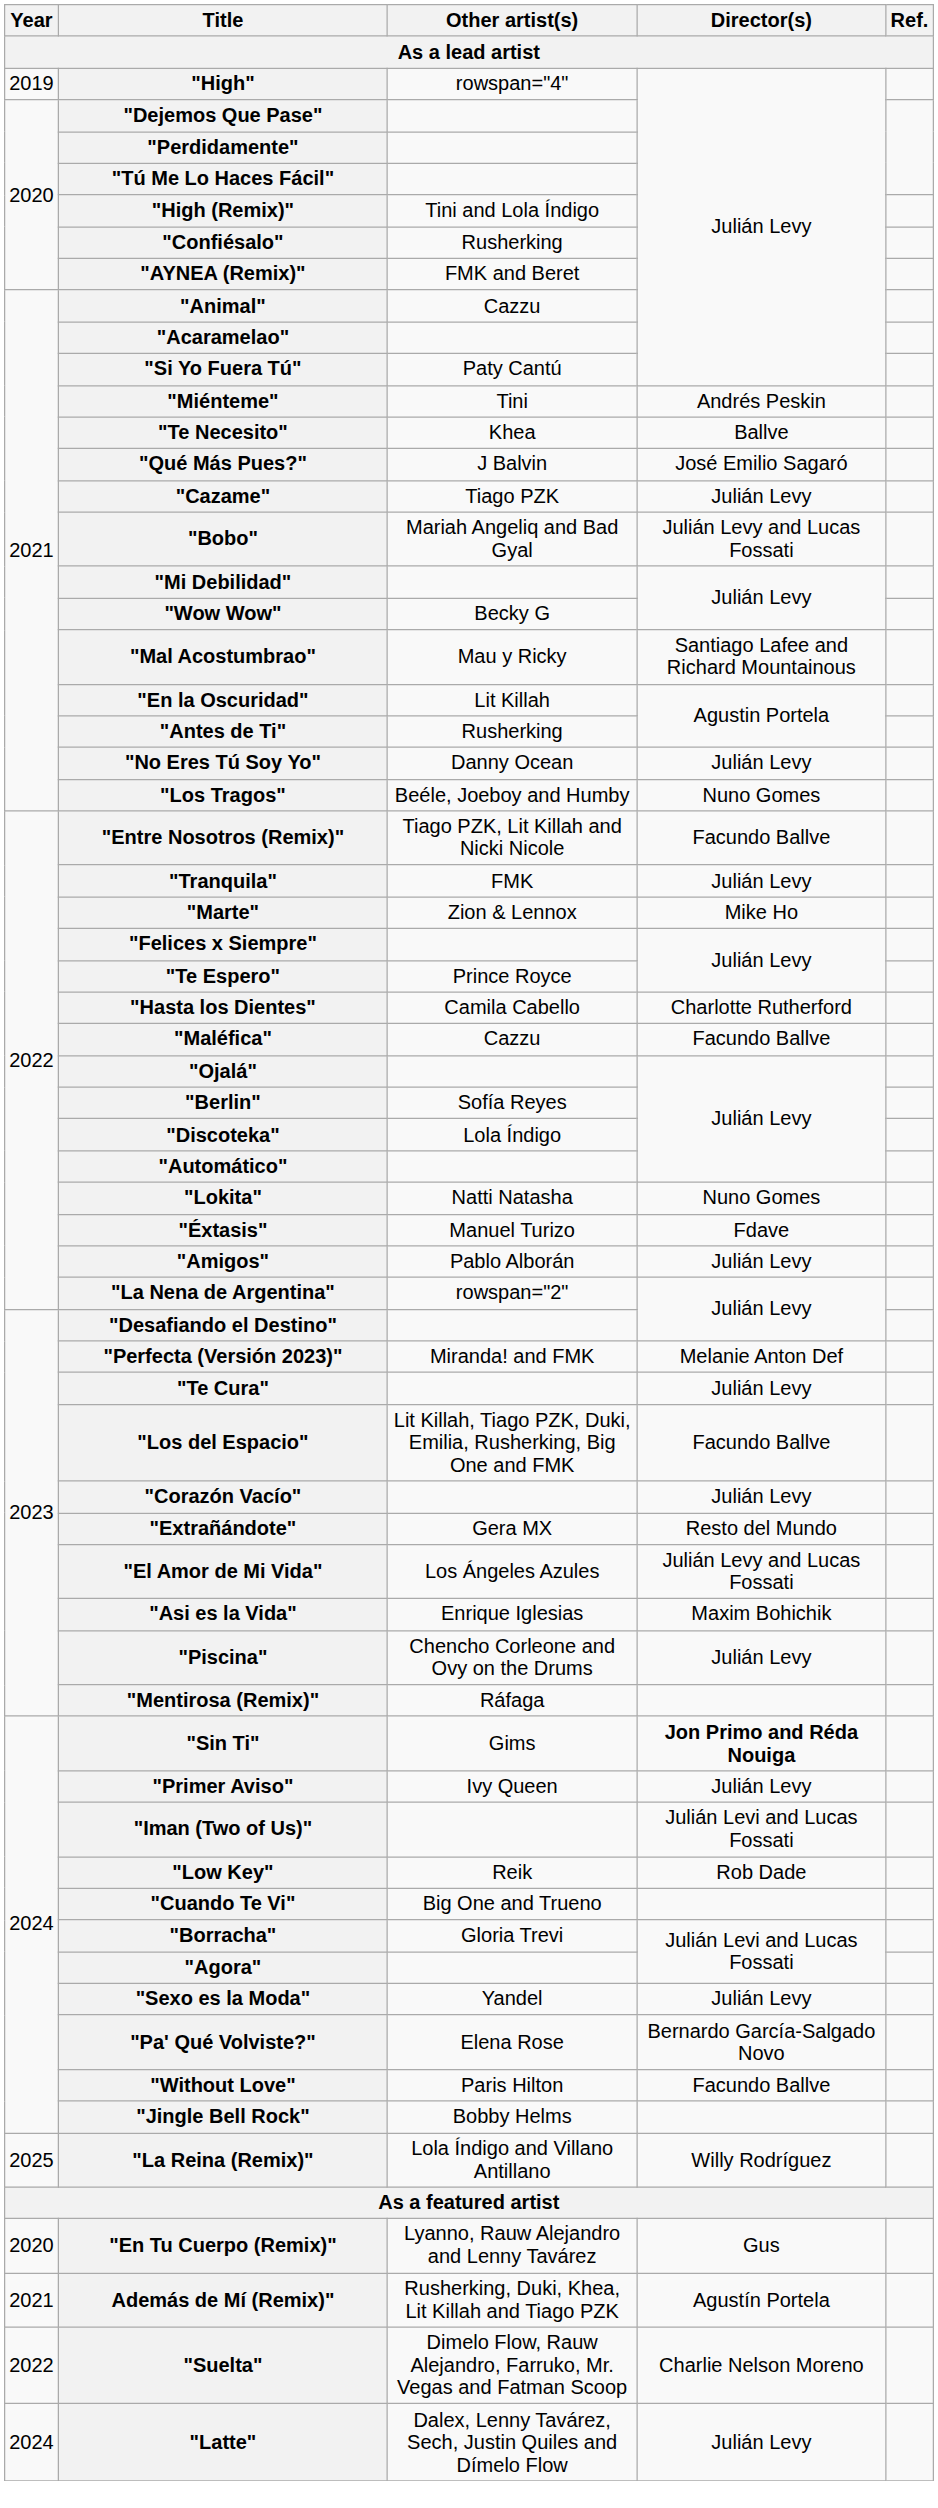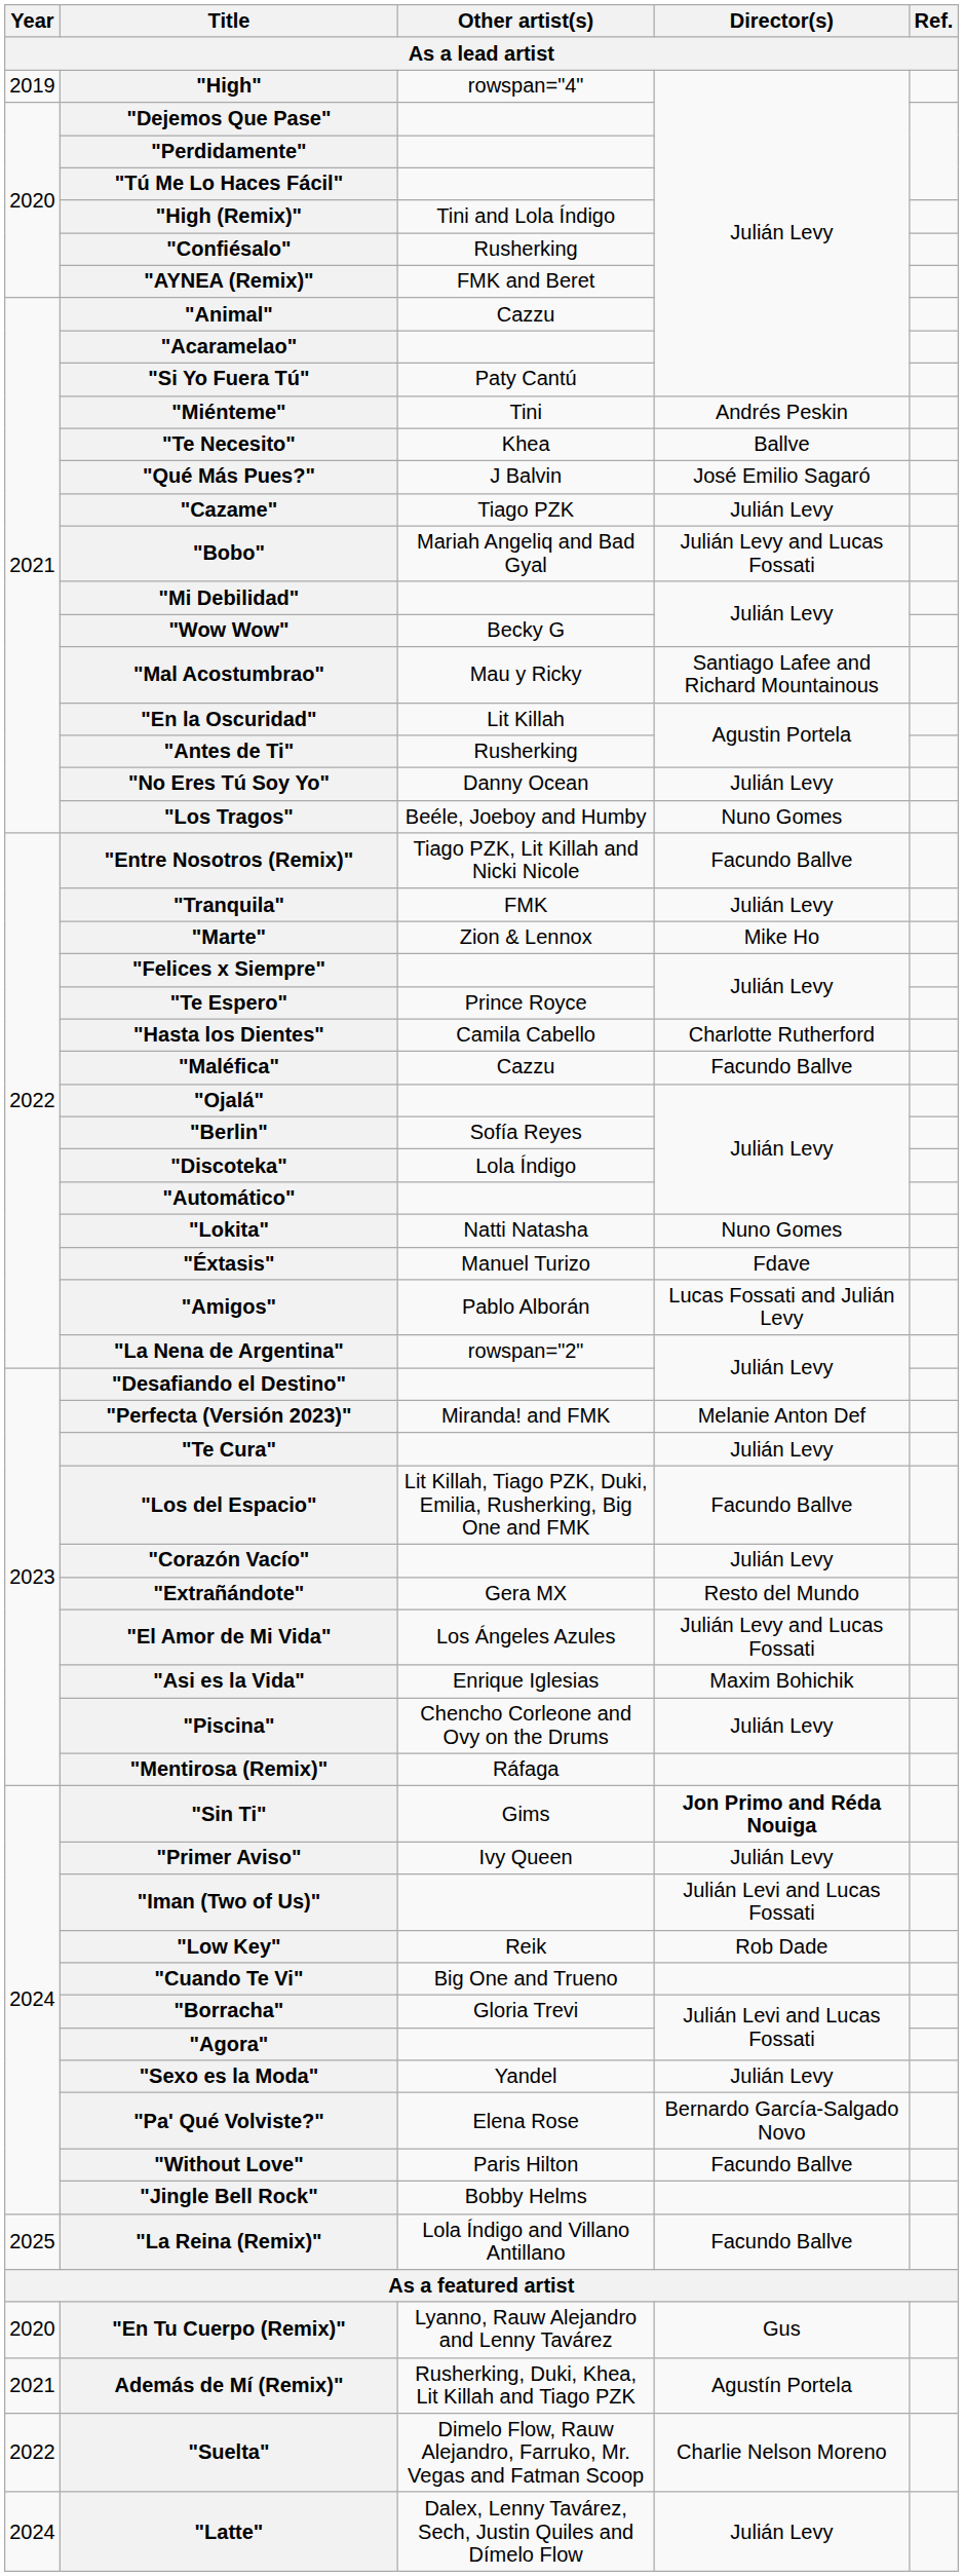 <table class="wikitable plainrowheaders" style="text-align:center;">
 <tr>
 <th scope="col">Year</th>
 <th scope="col" style="width:16em;">Title</th>
 <th scope="col" style="width:12em;">Other artist(s)</th>
 <th scope="col" style="width:12em;">Director(s)</th>
 <th scope="col">Ref.</th>
 </tr>
 <tr>
 <th scope="col" colspan="5">As a lead artist</th>
 </tr>
 <tr>
 <td>2019</td>
 <th scope="row">"High"</th>
 <td>rowspan="4" </td>
 <td rowspan="10">Julián Levy</td>
 <td></td>
 </tr>
 <tr>
 <td rowspan="6">2020</td>
 <th scope="row">"Dejemos Que Pase"</th>
 <td></td>
 </tr>
 <tr>
 <th scope="row">"Perdidamente"</th>
 <td></td>
 </tr>
 <tr>
 <th scope="row">"Tú Me Lo Haces Fácil"</th>
 <td></td>
 </tr>
 <tr>
 <th scope="row">"High (Remix)"</th>
 <td>Tini and Lola Índigo</td>
 <td></td>
 </tr>
 <tr>
 <th scope="row">"Confiésalo"</th>
 <td>Rusherking</td>
 <td></td>
 </tr>
 <tr>
 <th scope="row">"AYNEA (Remix)"</th>
 <td>FMK and Beret</td>
 <td></td>
 </tr>
 <tr>
 <td rowspan="15">2021</td>
 <th scope="row">"Animal"</th>
 <td>Cazzu</td>
 <td></td>
 </tr>
 <tr>
 <th scope="row">"Acaramelao"</th>
 <td></td>
 <td></td>
 </tr>
 <tr>
 <th scope="row">"Si Yo Fuera Tú"</th>
 <td>Paty Cantú</td>
 <td></td>
 </tr>
 <tr>
 <th scope="row">"Miénteme"</th>
 <td>Tini</td>
 <td>Andrés Peskin</td>
 <td></td>
 </tr>
 <tr>
 <th scope="row">"Te Necesito"</th>
 <td>Khea</td>
 <td>Ballve</td>
 <td></td>
 </tr>
 <tr>
 <th scope="row">"Qué Más Pues?"</th>
 <td>J Balvin</td>
 <td>José Emilio Sagaró</td>
 <td></td>
 </tr>
 <tr>
 <th scope="row">"Cazame"</th>
 <td>Tiago PZK</td>
 <td>Julián Levy</td>
 <td></td>
 </tr>
 <tr>
 <th scope="row">"Bobo"</th>
 <td>Mariah Angeliq and Bad Gyal</td>
 <td>Julián Levy and Lucas Fossati</td>
 <td></td>
 </tr>
 <tr>
 <th scope="row">"Mi Debilidad"</th>
 <td></td>
 <td rowspan="2">Julián Levy</td>
 <td></td>
 </tr>
 <tr>
 <th scope="row">"Wow Wow"</th>
 <td>Becky G</td>
 <td></td>
 </tr>
 <tr>
 <th scope="row">"Mal Acostumbrao"</th>
 <td>Mau y Ricky</td>
 <td>Santiago Lafee and Richard Mountainous</td>
 <td></td>
 </tr>
 <tr>
 <th scope="row">"En la Oscuridad"</th>
 <td>Lit Killah</td>
 <td rowspan="2">Agustin Portela</td>
 <td></td>
 </tr>
 <tr>
 <th scope="row">"Antes de Ti"</th>
 <td>Rusherking</td>
 <td></td>
 </tr>
 <tr>
 <th scope="row">"No Eres Tú Soy Yo"</th>
 <td>Danny Ocean</td>
 <td>Julián Levy</td>
 <td></td>
 </tr>
 <tr>
 <th scope="row">"Los Tragos"</th>
 <td>Beéle, Joeboy and Humby</td>
 <td>Nuno Gomes</td>
 <td></td>
 </tr>
 <tr>
 <td rowspan="15">2022</td>
 <th scope="row">"Entre Nosotros (Remix)"</th>
 <td>Tiago PZK, Lit Killah and Nicki Nicole</td>
 <td>Facundo Ballve</td>
 <td></td>
 </tr>
 <tr>
 <th scope="row">"Tranquila"</th>
 <td>FMK</td>
 <td>Julián Levy</td>
 <td></td>
 </tr>
 <tr>
 <th scope="row">"Marte"</th>
 <td>Zion & Lennox</td>
 <td>Mike Ho</td>
 <td></td>
 </tr>
 <tr>
 <th scope="row">"Felices x Siempre"</th>
 <td></td>
 <td rowspan="2">Julián Levy</td>
 <td></td>
 </tr>
 <tr>
 <th scope="row">"Te Espero"</th>
 <td>Prince Royce</td>
 <td></td>
 </tr>
 <tr>
 <th scope="row">"Hasta los Dientes"</th>
 <td>Camila Cabello</td>
 <td>Charlotte Rutherford</td>
 <td></td>
 </tr>
 <tr>
 <th scope="row">"Maléfica"</th>
 <td>Cazzu</td>
 <td>Facundo Ballve</td>
 <td></td>
 </tr>
 <tr>
 <th scope="row">"Ojalá"</th>
 <td></td>
 <td rowspan="4">Julián Levy</td>
 <td></td>
 </tr>
 <tr>
 <th scope="row">"Berlin"</th>
 <td>Sofía Reyes</td>
 <td></td>
 </tr>
 <tr>
 <th scope="row">"Discoteka"</th>
 <td>Lola Índigo</td>
 <td></td>
 </tr>
 <tr>
 <th scope="row">"Automático"</th>
 <td></td>
 <td></td>
 </tr>
 <tr>
 <th scope="row">"Lokita"</th>
 <td>Natti Natasha</td>
 <td>Nuno Gomes</td>
 <td></td>
 </tr>
 <tr>
 <th scope="row">"Éxtasis"</th>
 <td>Manuel Turizo</td>
 <td>Fdave</td>
 <td></td>
 </tr>
 <tr>
 <th scope="row">"Amigos"</th>
 <td>Pablo Alborán</td>
-<td>Julián Levy</td>
+<td>Lucas Fossati and Julián Levy</td>
 <td></td>
 </tr>
 <tr>
 <th scope="row">"La Nena de Argentina"</th>
 <td>rowspan="2" </td>
 <td rowspan="2">Julián Levy</td>
 <td></td>
 </tr>
 <tr>
 <td rowspan="10">2023</td>
 <th scope="row">"Desafiando el Destino"</th>
 <td></td>
 </tr>
 <tr>
 <th scope="row">"Perfecta (Versión 2023)"</th>
 <td>Miranda! and FMK</td>
 <td>Melanie Anton Def</td>
 <td></td>
 </tr>
 <tr>
 <th scope="row">"Te Cura"</th>
 <td></td>
 <td>Julián Levy</td>
 <td></td>
 </tr>
 <tr>
 <th scope="row">"Los del Espacio"</th>
 <td>Lit Killah, Tiago PZK, Duki, Emilia, Rusherking, Big One and FMK</td>
 <td>Facundo Ballve</td>
 <td></td>
 </tr>
 <tr>
 <th scope="row">"Corazón Vacío"</th>
 <td></td>
 <td>Julián Levy</td>
 <td></td>
 </tr>
 <tr>
 <th scope="row">"Extrañándote"</th>
 <td>Gera MX</td>
 <td>Resto del Mundo</td>
 <td></td>
 </tr>
 <tr>
 <th scope="row">"El Amor de Mi Vida"</th>
 <td>Los Ángeles Azules</td>
 <td>Julián Levy and Lucas Fossati</td>
 <td></td>
 </tr>
 <tr>
 <th scope="row">"Asi es la Vida"</th>
 <td>Enrique Iglesias</td>
 <td>Maxim Bohichik</td>
 <td></td>
 </tr>
 <tr>
 <th scope="row">"Piscina"</th>
 <td>Chencho Corleone and Ovy on the Drums</td>
 <td>Julián Levy</td>
 <td></td>
 </tr>
 <tr>
 <th scope="row">"Mentirosa (Remix)"</th>
 <td>Ráfaga</td>
 <td></td>
 <td></td>
 </tr>
 <tr>
 <td rowspan="11">2024</td>
 <th scope="row">"Sin Ti"</th>
 <td>Gims</td>
 <td><strong>Jon Primo and Réda Nouiga</strong></td>
 <td></td>
 </tr>
 <tr>
 <th scope="row">"Primer Aviso"</th>
 <td>Ivy Queen</td>
 <td>Julián Levy</td>
 <td></td>
 </tr>
 <tr>
 <th scope="row">"Iman (Two of Us)"</th>
 <td></td>
 <td>Julián Levi and Lucas Fossati</td>
 <td></td>
 </tr>
 <tr>
 <th scope="row">"Low Key"</th>
 <td>Reik</td>
 <td>Rob Dade</td>
 <td></td>
 </tr>
 <tr>
 <th scope="row">"Cuando Te Vi"</th>
 <td>Big One and Trueno</td>
 <td></td>
 <td></td>
 </tr>
 <tr>
 <th scope="row">"Borracha"</th>
 <td>Gloria Trevi</td>
 <td rowspan="2">Julián Levi and Lucas Fossati</td>
 <td></td>
 </tr>
 <tr>
 <th scope="row">"Agora"</th>
 <td></td>
 <td></td>
 </tr>
 <tr>
 <th scope="row">"Sexo es la Moda"</th>
 <td>Yandel</td>
 <td>Julián Levy</td>
 <td></td>
 </tr>
 <tr>
 <th scope="row">"Pa' Qué Volviste?"</th>
 <td>Elena Rose</td>
 <td>Bernardo García-Salgado Novo</td>
 <td></td>
 </tr>
 <tr>
 <th scope="row">"Without Love"</th>
 <td>Paris Hilton</td>
 <td>Facundo Ballve</td>
 <td></td>
 </tr>
 <tr>
 <th scope="row">"Jingle Bell Rock"</th>
 <td>Bobby Helms</td>
 <td></td>
 <td></td>
 </tr>
 <tr>
 <td>2025</td>
 <th scope="row">"La Reina (Remix)"</th>
 <td>Lola Índigo and Villano Antillano</td>
-<td>Willy Rodríguez</td>
+<td>Facundo Ballve</td>
 <td></td>
 </tr>
 <tr>
 <th scope="col" colspan="5">As a featured artist</th>
 </tr>
 <tr>
 <td>2020</td>
 <th scope="row">"En Tu Cuerpo (Remix)"</th>
 <td>Lyanno, Rauw Alejandro and Lenny Tavárez</td>
 <td>Gus</td>
 <td></td>
 </tr>
 <tr>
 <td>2021</td>
 <th scope="row">Además de Mí (Remix)"</th>
 <td>Rusherking, Duki, Khea, Lit Killah and Tiago PZK</td>
 <td>Agustín Portela</td>
 <td></td>
 </tr>
 <tr>
 <td>2022</td>
 <th scope="row">"Suelta"</th>
 <td>Dimelo Flow, Rauw Alejandro, Farruko, Mr. Vegas and Fatman Scoop</td>
 <td>Charlie Nelson Moreno</td>
 <td></td>
 </tr>
 <tr>
 <td>2024</td>
 <th scope="row">"Latte"</th>
 <td>Dalex, Lenny Tavárez, Sech, Justin Quiles and Dímelo Flow</td>
 <td>Julián Levy</td>
 <td></td>
 </tr>
 </table>
